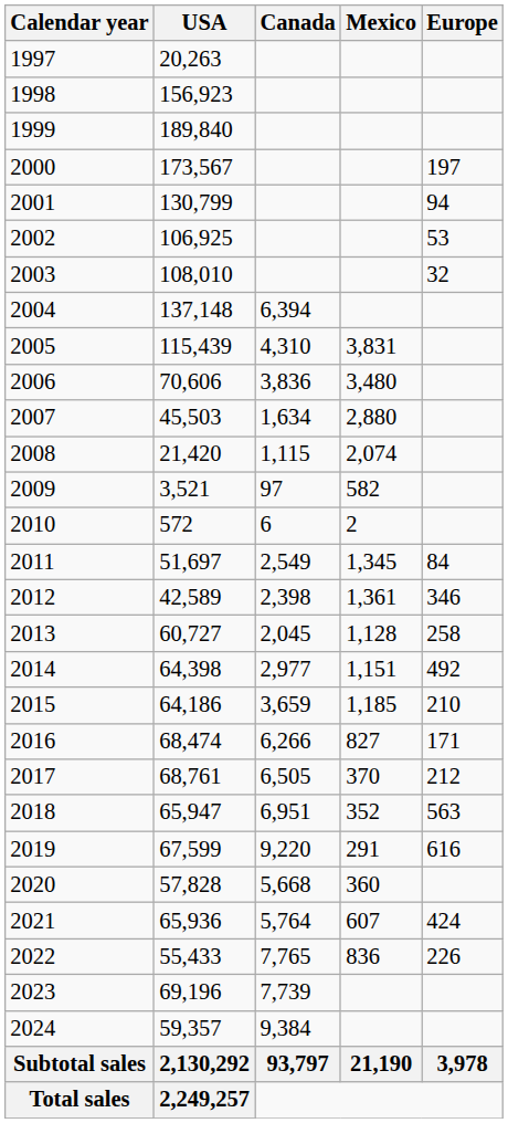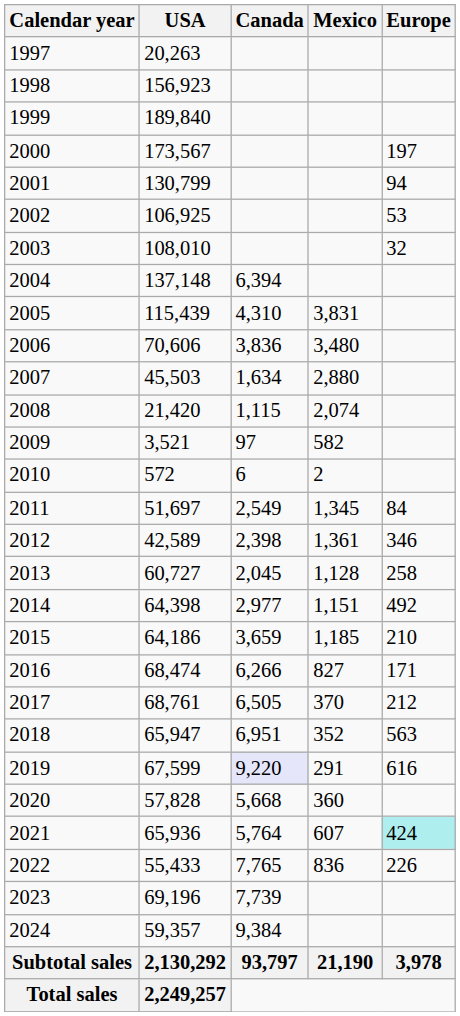 <table class="wikitable">
 <tr>
 <th>Calendar year</th>
 <th>USA</th>
 <th>Canada</th>
 <th>Mexico</th>
 <th>Europe</th>
 </tr>
 <tr>
 <td>1997</td>
 <td>20,263</td>
 <td></td>
 <td></td>
 <td></td>
 </tr>
 <tr>
 <td>1998</td>
 <td>156,923</td>
 <td></td>
 <td></td>
 <td></td>
 </tr>
 <tr>
 <td>1999</td>
 <td>189,840</td>
 <td></td>
 <td></td>
 <td></td>
 </tr>
 <tr>
 <td>2000</td>
 <td>173,567</td>
 <td></td>
 <td></td>
 <td>197</td>
 </tr>
 <tr>
 <td>2001</td>
 <td>130,799</td>
 <td></td>
 <td></td>
 <td>94</td>
 </tr>
 <tr>
 <td>2002</td>
 <td>106,925</td>
 <td></td>
 <td></td>
 <td>53</td>
 </tr>
 <tr>
 <td>2003</td>
 <td>108,010</td>
 <td></td>
 <td></td>
 <td>32</td>
 </tr>
 <tr>
 <td>2004</td>
 <td>137,148</td>
 <td>6,394</td>
 <td></td>
 <td></td>
 </tr>
 <tr>
 <td>2005</td>
 <td>115,439</td>
 <td>4,310</td>
 <td>3,831</td>
 <td></td>
 </tr>
 <tr>
 <td>2006</td>
 <td>70,606</td>
 <td>3,836</td>
 <td>3,480</td>
 <td></td>
 </tr>
 <tr>
 <td>2007</td>
 <td>45,503</td>
 <td>1,634</td>
 <td>2,880</td>
 <td></td>
 </tr>
 <tr>
 <td>2008</td>
 <td>21,420</td>
 <td>1,115</td>
 <td>2,074</td>
 <td></td>
 </tr>
 <tr>
 <td>2009</td>
 <td>3,521</td>
 <td>97</td>
 <td>582</td>
 <td></td>
 </tr>
 <tr>
 <td>2010</td>
 <td>572</td>
 <td>6</td>
 <td>2</td>
 <td></td>
 </tr>
 <tr>
 <td>2011</td>
 <td>51,697</td>
 <td>2,549</td>
 <td>1,345</td>
 <td>84</td>
 </tr>
 <tr>
 <td>2012</td>
 <td>42,589</td>
 <td>2,398</td>
 <td>1,361</td>
 <td>346</td>
 </tr>
 <tr>
 <td>2013</td>
 <td>60,727</td>
 <td>2,045</td>
 <td>1,128</td>
 <td>258</td>
 </tr>
 <tr>
 <td>2014</td>
 <td>64,398</td>
 <td>2,977</td>
 <td>1,151</td>
 <td>492</td>
 </tr>
 <tr>
 <td>2015</td>
 <td>64,186</td>
 <td>3,659</td>
 <td>1,185</td>
 <td>210</td>
 </tr>
 <tr>
 <td>2016</td>
 <td>68,474</td>
 <td>6,266</td>
 <td>827</td>
 <td>171</td>
 </tr>
 <tr>
 <td>2017</td>
 <td>68,761</td>
 <td>6,505</td>
 <td>370</td>
 <td>212</td>
 </tr>
 <tr>
 <td>2018</td>
 <td>65,947</td>
 <td>6,951</td>
 <td>352</td>
 <td>563</td>
 </tr>
 <tr>
 <td>2019</td>
 <td>67,599</td>
-<td>9,220</td>
+<td style="background: lavender;">9,220</td>
 <td>291</td>
 <td>616</td>
 </tr>
 <tr>
 <td>2020</td>
 <td>57,828</td>
 <td>5,668</td>
 <td>360</td>
 <td></td>
 </tr>
 <tr>
 <td>2021</td>
 <td>65,936</td>
 <td>5,764</td>
 <td>607</td>
-<td>424</td>
+<td style="background: paleturquoise;">424</td>
 </tr>
 <tr>
 <td>2022</td>
 <td>55,433</td>
 <td>7,765</td>
 <td>836</td>
 <td>226</td>
 </tr>
 <tr>
 <td>2023</td>
 <td>69,196</td>
 <td>7,739</td>
 <td></td>
 <td></td>
 </tr>
 <tr>
 <td>2024</td>
 <td>59,357</td>
 <td>9,384</td>
 <td></td>
 <td></td>
 </tr>
 <tr>
 <th>Subtotal sales</th>
 <th>2,130,292</th>
 <th>93,797</th>
 <th>21,190</th>
 <th>3,978</th>
 </tr>
 <tr>
 <th>Total sales</th>
 <th>2,249,257</th>
 </tr>
 <tr>
 </tr>
 </table>
